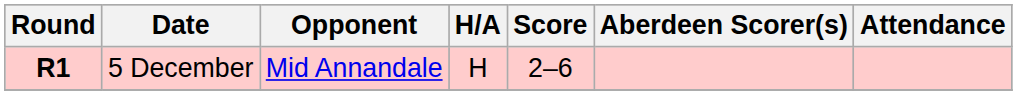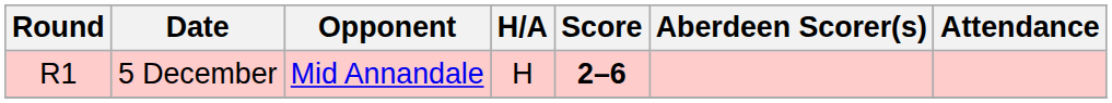 <table class="wikitable" style="text-align:center">
 <tr>
 <th>Round</th>
 <th>Date</th>
 <th>Opponent</th>
 <th>H/A</th>
 <th>Score</th>
 <th>Aberdeen Scorer(s)</th>
 <th>Attendance</th>
 </tr>
 <tr bgcolor=#FFCCCC>
-<td><strong>R1</strong></td>
+<td>R1</td>
 <td align=left>5 December</td>
 <td align=left><a href='#'>Mid Annandale</a></td>
 <td>H</td>
-<td>2–6</td>
+<td><strong>2–6</strong></td>
 <td align=left></td>
 <td></td>
 </tr>
 <tr>
 </tr>
 </table>
